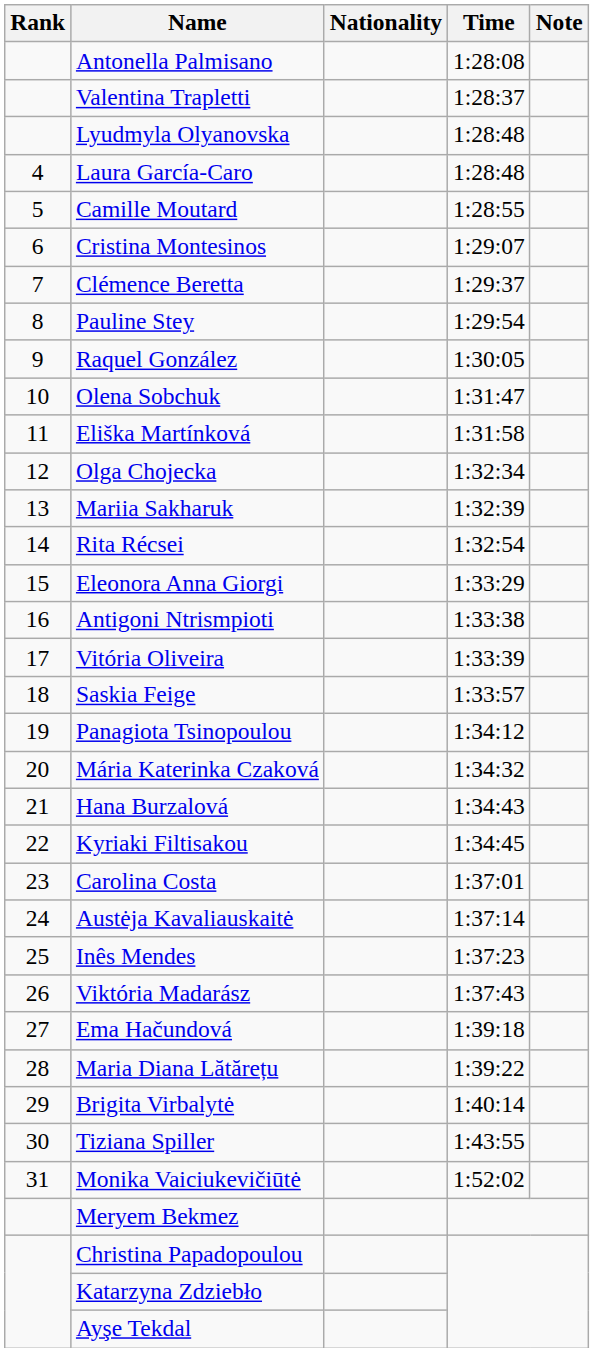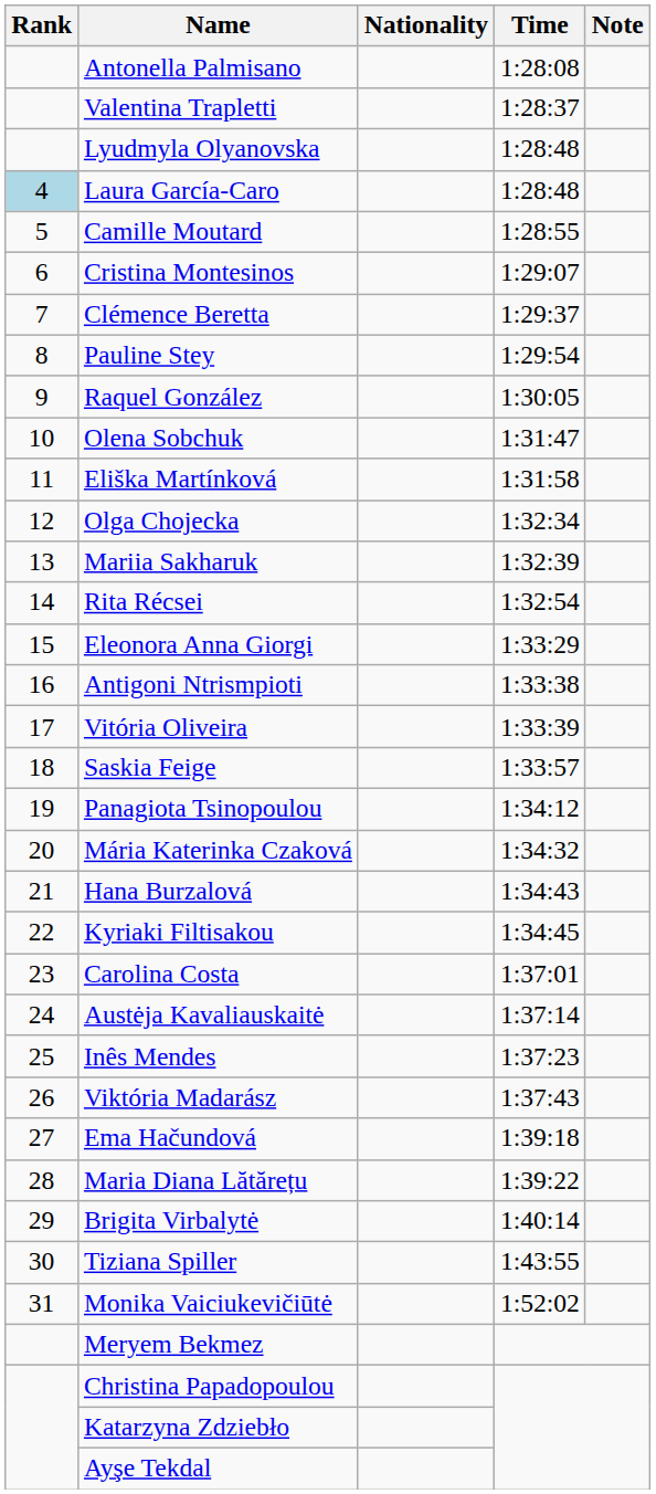 <table class="wikitable sortable"  style="text-align:center">
 <tr>
 <th>Rank</th>
 <th>Name</th>
 <th>Nationality</th>
 <th>Time</th>
 <th>Note</th>
 </tr>
 <tr>
 <td></td>
 <td align=left><a href='#'>Antonella Palmisano</a></td>
 <td align=left></td>
 <td>1:28:08</td>
 <td></td>
 </tr>
 <tr>
 <td></td>
 <td align=left><a href='#'>Valentina Trapletti</a></td>
 <td align=left></td>
 <td>1:28:37</td>
 <td></td>
 </tr>
 <tr>
 <td></td>
 <td align=left><a href='#'>Lyudmyla Olyanovska</a></td>
 <td align=left></td>
 <td>1:28:48</td>
 <td></td>
 </tr>
 <tr>
-<td>4</td>
+<td style="background: lightblue;">4</td>
 <td align=left><a href='#'>Laura García-Caro</a></td>
 <td align=left></td>
 <td>1:28:48</td>
 <td></td>
 </tr>
 <tr>
 <td>5</td>
 <td align=left><a href='#'>Camille Moutard</a></td>
 <td align=left></td>
 <td>1:28:55</td>
 <td></td>
 </tr>
 <tr>
 <td>6</td>
 <td align=left><a href='#'>Cristina Montesinos</a></td>
 <td align=left></td>
 <td>1:29:07</td>
 <td></td>
 </tr>
 <tr>
 <td>7</td>
 <td align=left><a href='#'>Clémence Beretta</a></td>
 <td align=left></td>
 <td>1:29:37</td>
 <td></td>
 </tr>
 <tr>
 <td>8</td>
 <td align=left><a href='#'>Pauline Stey</a></td>
 <td align=left></td>
 <td>1:29:54</td>
 <td></td>
 </tr>
 <tr>
 <td>9</td>
 <td align=left><a href='#'>Raquel González</a></td>
 <td align=left></td>
 <td>1:30:05</td>
 <td></td>
 </tr>
 <tr>
 <td>10</td>
 <td align=left><a href='#'>Olena Sobchuk</a></td>
 <td align=left></td>
 <td>1:31:47</td>
 <td></td>
 </tr>
 <tr>
 <td>11</td>
 <td align=left><a href='#'>Eliška Martínková</a></td>
 <td align=left></td>
 <td>1:31:58</td>
 <td></td>
 </tr>
 <tr>
 <td>12</td>
 <td align=left><a href='#'>Olga Chojecka</a></td>
 <td align=left></td>
 <td>1:32:34</td>
 <td></td>
 </tr>
 <tr>
 <td>13</td>
 <td align=left><a href='#'>Mariia Sakharuk</a></td>
 <td align=left></td>
 <td>1:32:39</td>
 <td></td>
 </tr>
 <tr>
 <td>14</td>
 <td align=left><a href='#'>Rita Récsei</a></td>
 <td align=left></td>
 <td>1:32:54</td>
 <td></td>
 </tr>
 <tr>
 <td>15</td>
 <td align=left><a href='#'>Eleonora Anna Giorgi</a></td>
 <td align=left></td>
 <td>1:33:29</td>
 <td></td>
 </tr>
 <tr>
 <td>16</td>
 <td align=left><a href='#'>Antigoni Ntrismpioti</a></td>
 <td align=left></td>
 <td>1:33:38</td>
 <td></td>
 </tr>
 <tr>
 <td>17</td>
 <td align=left><a href='#'>Vitória Oliveira</a></td>
 <td align=left></td>
 <td>1:33:39</td>
 <td></td>
 </tr>
 <tr>
 <td>18</td>
 <td align=left><a href='#'>Saskia Feige</a></td>
 <td align=left></td>
 <td>1:33:57</td>
 <td></td>
 </tr>
 <tr>
 <td>19</td>
 <td align=left><a href='#'>Panagiota Tsinopoulou</a></td>
 <td align=left></td>
 <td>1:34:12</td>
 <td></td>
 </tr>
 <tr>
 <td>20</td>
 <td align=left><a href='#'>Mária Katerinka Czaková</a></td>
 <td align=left></td>
 <td>1:34:32</td>
 <td></td>
 </tr>
 <tr>
 <td>21</td>
 <td align=left><a href='#'>Hana Burzalová</a></td>
 <td align=left></td>
 <td>1:34:43</td>
 <td></td>
 </tr>
 <tr>
 <td>22</td>
 <td align=left><a href='#'>Kyriaki Filtisakou</a></td>
 <td align=left></td>
 <td>1:34:45</td>
 <td></td>
 </tr>
 <tr>
 <td>23</td>
 <td align=left><a href='#'>Carolina Costa</a></td>
 <td align=left></td>
 <td>1:37:01</td>
 <td></td>
 </tr>
 <tr>
 <td>24</td>
 <td align=left><a href='#'>Austėja Kavaliauskaitė</a></td>
 <td align=left></td>
 <td>1:37:14</td>
 <td></td>
 </tr>
 <tr>
 <td>25</td>
 <td align=left><a href='#'>Inês Mendes</a></td>
 <td align=left></td>
 <td>1:37:23</td>
 <td></td>
 </tr>
 <tr>
 <td>26</td>
 <td align=left><a href='#'>Viktória Madarász</a></td>
 <td align=left></td>
 <td>1:37:43</td>
 <td></td>
 </tr>
 <tr>
 <td>27</td>
 <td align=left><a href='#'>Ema Hačundová</a></td>
 <td align=left></td>
 <td>1:39:18</td>
 <td></td>
 </tr>
 <tr>
 <td>28</td>
 <td align=left><a href='#'>Maria Diana Lătărețu</a></td>
 <td align=left></td>
 <td>1:39:22</td>
 <td></td>
 </tr>
 <tr>
 <td>29</td>
 <td align=left><a href='#'>Brigita Virbalytė</a></td>
 <td align=left></td>
 <td>1:40:14</td>
 <td></td>
 </tr>
 <tr>
 <td>30</td>
 <td align=left><a href='#'>Tiziana Spiller</a></td>
 <td align=left></td>
 <td>1:43:55</td>
 <td></td>
 </tr>
 <tr>
 <td>31</td>
 <td align=left><a href='#'>Monika Vaiciukevičiūtė</a></td>
 <td align=left></td>
 <td>1:52:02</td>
 <td></td>
 </tr>
 <tr>
 <td></td>
 <td align=left><a href='#'>Meryem Bekmez</a></td>
 <td align=left></td>
 <td colspan=2></td>
 </tr>
 <tr>
 <td rowspan=3></td>
 <td align=left><a href='#'>Christina Papadopoulou</a></td>
 <td align=left></td>
 <td colspan=2 rowspan=3></td>
 </tr>
 <tr>
 <td align=left><a href='#'>Katarzyna Zdziebło</a></td>
 <td align=left></td>
 </tr>
 <tr>
 <td align=left><a href='#'>Ayşe Tekdal</a></td>
 <td align=left></td>
 </tr>
 </table>
